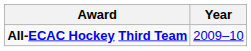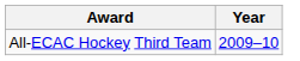 <table class="wikitable">
 <tr>
 <th>Award</th>
 <th>Year</th>
 </tr>
 <tr>
-<td><strong>All-<a href='#'>ECAC Hockey</a> <a href='#'>Third Team</a></strong></td>
+<td>All-<a href='#'>ECAC Hockey</a> <a href='#'>Third Team</a></td>
 <td><a href='#'>2009–10</a></td>
 </tr>
 </table>
